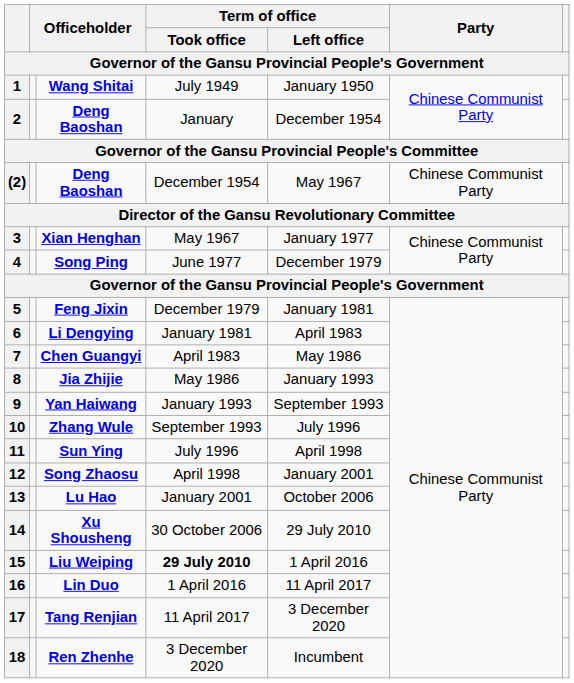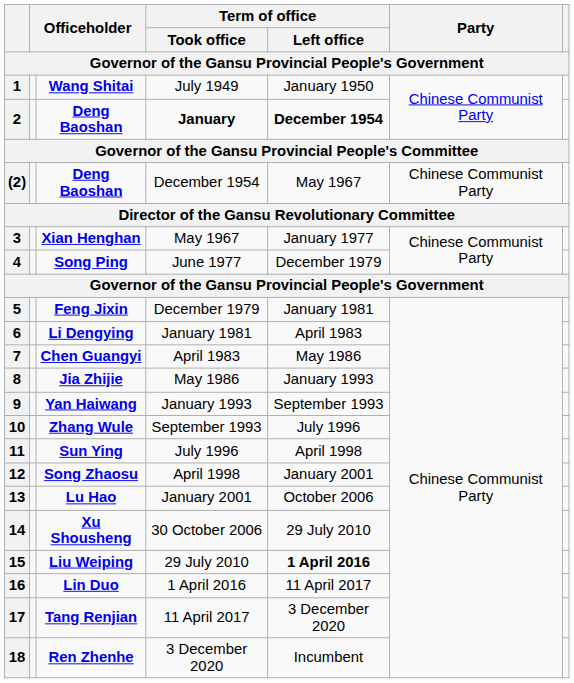 <table class="wikitable" style="text-align:center">
 <tr>
 <th rowspan="2"></th>
 <th colspan="2" rowspan="2">Officeholder</th>
 <th colspan="2">Term of office</th>
 <th rowspan="2">Party</th>
 <th rowspan="2"></th>
 </tr>
 <tr>
 <th>Took office</th>
 <th>Left office</th>
 </tr>
 <tr>
 <th colspan="7">Governor of the Gansu Provincial People's Government</th>
 </tr>
 <tr>
 <th>1</th>
 <td></td>
 <td><strong><a href='#'>Wang Shitai</a></strong><br></td>
 <td>July 1949</td>
 <td>January 1950</td>
 <td rowspan="2"><a href='#'>Chinese Communist Party</a></td>
 <td></td>
 </tr>
 <tr>
 <th>2</th>
 <td></td>
 <td><strong><a href='#'>Deng Baoshan</a></strong><br></td>
-<td>January</td>
-<td>December 1954</td>
+<td><strong>January</strong></td>
+<td><strong>December 1954</strong></td>
 <td></td>
 </tr>
 <tr>
 <th colspan="7">Governor of the Gansu Provincial People's Committee</th>
 </tr>
 <tr>
 <th>(2)</th>
 <td></td>
 <td><strong><a href='#'>Deng Baoshan</a></strong><br></td>
 <td>December 1954</td>
 <td>May 1967</td>
 <td>Chinese Communist Party</td>
 <td></td>
 </tr>
 <tr>
 <th colspan="7">Director of the Gansu Revolutionary Committee</th>
 </tr>
 <tr>
 <th>3</th>
 <td></td>
 <td><strong><a href='#'>Xian Henghan</a></strong><br></td>
 <td>May 1967</td>
 <td>January 1977</td>
 <td rowspan="2">Chinese Communist Party</td>
 <td></td>
 </tr>
 <tr>
 <th>4</th>
 <td></td>
 <td><strong><a href='#'>Song Ping</a></strong><br></td>
 <td>June 1977</td>
 <td>December 1979</td>
 <td></td>
 </tr>
 <tr>
 <th colspan="7">Governor of the Gansu Provincial People's Government</th>
 </tr>
 <tr>
 <th>5</th>
 <td></td>
 <td><strong><a href='#'>Feng Jixin</a></strong><br></td>
 <td>December 1979</td>
 <td>January 1981</td>
 <td rowspan="14">Chinese Communist Party</td>
 <td></td>
 </tr>
 <tr>
 <th>6</th>
 <td></td>
 <td><strong><a href='#'>Li Dengying</a></strong><br></td>
 <td>January 1981</td>
 <td>April 1983</td>
 <td></td>
 </tr>
 <tr>
 <th>7</th>
 <td></td>
 <td><strong><a href='#'>Chen Guangyi</a></strong><br></td>
 <td>April 1983</td>
 <td>May 1986</td>
 <td></td>
 </tr>
 <tr>
 <th>8</th>
 <td></td>
 <td><strong><a href='#'>Jia Zhijie</a></strong><br></td>
 <td>May 1986</td>
 <td>January 1993</td>
 <td></td>
 </tr>
 <tr>
 <th>9</th>
 <td></td>
 <td><strong><a href='#'>Yan Haiwang</a></strong><br></td>
 <td>January 1993</td>
 <td>September 1993</td>
 <td></td>
 </tr>
 <tr>
 <th>10</th>
 <td></td>
 <td><strong><a href='#'>Zhang Wule</a></strong><br></td>
 <td>September 1993</td>
 <td>July 1996</td>
 <td></td>
 </tr>
 <tr>
 <th>11</th>
 <td></td>
 <td><strong><a href='#'>Sun Ying</a></strong><br></td>
 <td>July 1996</td>
 <td>April 1998</td>
 <td></td>
 </tr>
 <tr>
 <th>12</th>
 <td></td>
 <td><strong><a href='#'>Song Zhaosu</a></strong><br></td>
 <td>April 1998</td>
 <td>January 2001</td>
 <td></td>
 </tr>
 <tr>
 <th>13</th>
 <td></td>
 <td><strong><a href='#'>Lu Hao</a></strong><br></td>
 <td>January 2001</td>
 <td>October 2006</td>
 <td></td>
 </tr>
 <tr>
 <th>14</th>
 <td></td>
 <td><strong><a href='#'>Xu Shousheng</a></strong><br></td>
 <td>30 October 2006</td>
 <td>29 July 2010</td>
 <td></td>
 </tr>
 <tr>
 <th>15</th>
 <td></td>
 <td><strong><a href='#'>Liu Weiping</a></strong><br></td>
-<td><strong>29 July 2010</strong></td>
-<td>1 April 2016</td>
+<td>29 July 2010</td>
+<td><strong>1 April 2016</strong></td>
 <td></td>
 </tr>
 <tr>
 <th>16</th>
 <td></td>
 <td><strong><a href='#'>Lin Duo</a></strong><br></td>
 <td>1 April 2016</td>
 <td>11 April 2017</td>
 <td></td>
 </tr>
 <tr>
 <th>17</th>
 <td></td>
 <td><strong><a href='#'>Tang Renjian</a></strong><br></td>
 <td>11 April 2017</td>
 <td>3 December 2020</td>
 <td></td>
 </tr>
 <tr>
 <th>18</th>
 <td></td>
 <td><strong><a href='#'>Ren Zhenhe</a></strong><br></td>
 <td>3 December 2020</td>
 <td>Incumbent</td>
 <td></td>
 </tr>
 </table>
